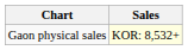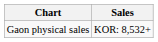 <table class="wikitable">
 <tr>
 <th>Chart</th>
 <th>Sales</th>
 </tr>
 <tr>
 <td>Gaon physical sales</td>
-<td align="center" style="background: lightyellow;">KOR: 8,532+</td>
+<td align="center">KOR: 8,532+</td>
 </tr>
 </table>
